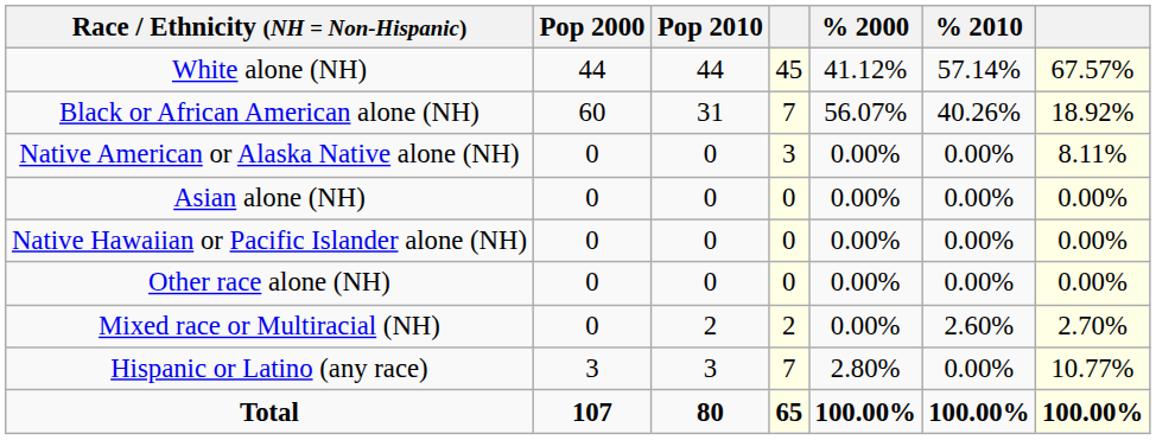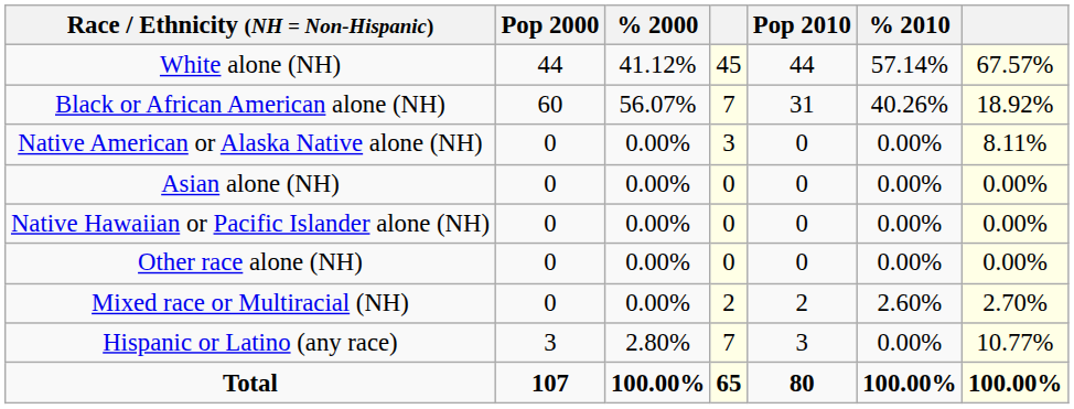 <table class="wikitable" style="text-align:center;">
 <tr>
 <th>Race / Ethnicity <small>(<em>NH = Non-Hispanic</em>)</small></th>
 <th>Pop 2000</th>
+<th>% 2000</th>
+<th></th>
 <th>Pop 2010</th>
-<th></th>
-<th>% 2000</th>
 <th>% 2010</th>
 <th></th>
 </tr>
 <tr>
 <td><a href='#'>White</a> alone (NH)</td>
 <td>44</td>
+<td>41.12%</td>
+<td style='background: #ffffe6;'>45</td>
 <td>44</td>
-<td style='background: #ffffe6;'>45</td>
-<td>41.12%</td>
 <td>57.14%</td>
 <td style='background: #ffffe6;'>67.57%</td>
 </tr>
 <tr>
 <td><a href='#'>Black or African American</a> alone (NH)</td>
 <td>60</td>
+<td>56.07%</td>
+<td style='background: #ffffe6;'>7</td>
 <td>31</td>
-<td style='background: #ffffe6;'>7</td>
-<td>56.07%</td>
 <td>40.26%</td>
 <td style='background: #ffffe6;'>18.92%</td>
 </tr>
 <tr>
 <td><a href='#'>Native American</a> or <a href='#'>Alaska Native</a> alone (NH)</td>
 <td>0</td>
+<td>0.00%</td>
+<td style='background: #ffffe6;'>3</td>
 <td>0</td>
-<td style='background: #ffffe6;'>3</td>
-<td>0.00%</td>
 <td>0.00%</td>
 <td style='background: #ffffe6;'>8.11%</td>
 </tr>
 <tr>
 <td><a href='#'>Asian</a> alone (NH)</td>
 <td>0</td>
+<td>0.00%</td>
+<td style='background: #ffffe6;'>0</td>
 <td>0</td>
-<td style='background: #ffffe6;'>0</td>
-<td>0.00%</td>
 <td>0.00%</td>
 <td style='background: #ffffe6;'>0.00%</td>
 </tr>
 <tr>
 <td><a href='#'>Native Hawaiian</a> or <a href='#'>Pacific Islander</a> alone (NH)</td>
 <td>0</td>
+<td>0.00%</td>
+<td style='background: #ffffe6;'>0</td>
 <td>0</td>
-<td style='background: #ffffe6;'>0</td>
-<td>0.00%</td>
 <td>0.00%</td>
 <td style='background: #ffffe6;'>0.00%</td>
 </tr>
 <tr>
 <td><a href='#'>Other race</a> alone (NH)</td>
 <td>0</td>
+<td>0.00%</td>
+<td style='background: #ffffe6;'>0</td>
 <td>0</td>
-<td style='background: #ffffe6;'>0</td>
-<td>0.00%</td>
 <td>0.00%</td>
 <td style='background: #ffffe6;'>0.00%</td>
 </tr>
 <tr>
 <td><a href='#'>Mixed race or Multiracial</a> (NH)</td>
 <td>0</td>
+<td>0.00%</td>
+<td style='background: #ffffe6;'>2</td>
 <td>2</td>
-<td style='background: #ffffe6;'>2</td>
-<td>0.00%</td>
 <td>2.60%</td>
 <td style='background: #ffffe6;'>2.70%</td>
 </tr>
 <tr>
 <td><a href='#'>Hispanic or Latino</a> (any race)</td>
 <td>3</td>
+<td>2.80%</td>
+<td style='background: #ffffe6;'>7</td>
 <td>3</td>
-<td style='background: #ffffe6;'>7</td>
-<td>2.80%</td>
 <td>0.00%</td>
 <td style='background: #ffffe6;'>10.77%</td>
 </tr>
 <tr>
 <td><strong>Total</strong></td>
 <td><strong>107</strong></td>
+<td><strong>100.00%</strong></td>
+<td style='background: #ffffe6;'><strong>65</strong></td>
 <td><strong>80</strong></td>
-<td style='background: #ffffe6;'><strong>65</strong></td>
-<td><strong>100.00%</strong></td>
 <td><strong>100.00%</strong></td>
 <td style='background: #ffffe6;'><strong>100.00%</strong></td>
 </tr>
 </table>
